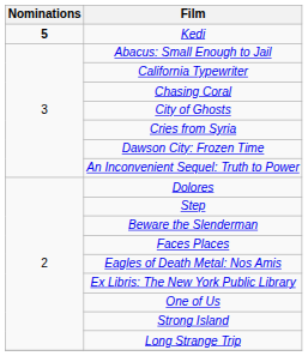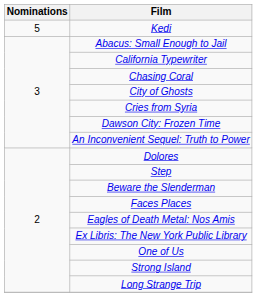 <table class="wikitable" rowspan="2" style="text-align:center;" background: #f6e39c;>
 <tr>
 <th scope="col" style="width:55px;">Nominations</th>
 <th scope="col" style="text-align:center;">Film</th>
 </tr>
 <tr>
-<td rowspan=1 style="text-align:center"><strong>5</strong></td>
+<td rowspan=1 style="text-align:center">5</td>
 <td><em><a href='#'>Kedi</a></em></td>
 </tr>
 <tr>
 <td rowspan=7 style="text-align:center">3</td>
 <td><em><a href='#'>Abacus: Small Enough to Jail</a></em></td>
 </tr>
 <tr>
 <td><em><a href='#'>California Typewriter</a></em></td>
 </tr>
 <tr>
 <td><em><a href='#'>Chasing Coral</a></em></td>
 </tr>
 <tr>
 <td><em><a href='#'>City of Ghosts</a></em></td>
 </tr>
 <tr>
 <td><em><a href='#'>Cries from Syria</a></em></td>
 </tr>
 <tr>
 <td><em><a href='#'>Dawson City: Frozen Time</a></em></td>
 </tr>
 <tr>
 <td><em><a href='#'>An Inconvenient Sequel: Truth to Power</a></em></td>
 </tr>
 <tr>
 <td rowspan=9 style="text-align:center">2</td>
 <td><em><a href='#'>Dolores</a></em></td>
 </tr>
 <tr>
 <td><em><a href='#'>Step</a></em></td>
 </tr>
 <tr>
 <td><em><a href='#'>Beware the Slenderman</a></em></td>
 </tr>
 <tr>
 <td><em><a href='#'>Faces Places</a></em></td>
 </tr>
 <tr>
 <td><em><a href='#'>Eagles of Death Metal: Nos Amis</a></em></td>
 </tr>
 <tr>
 <td><em><a href='#'>Ex Libris: The New York Public Library</a></em></td>
 </tr>
 <tr>
 <td><em><a href='#'>One of Us</a></em></td>
 </tr>
 <tr>
 <td><em><a href='#'>Strong Island</a></em></td>
 </tr>
 <tr>
 <td><em><a href='#'>Long Strange Trip</a></em></td>
 </tr>
 <tr>
 </tr>
 </table>
